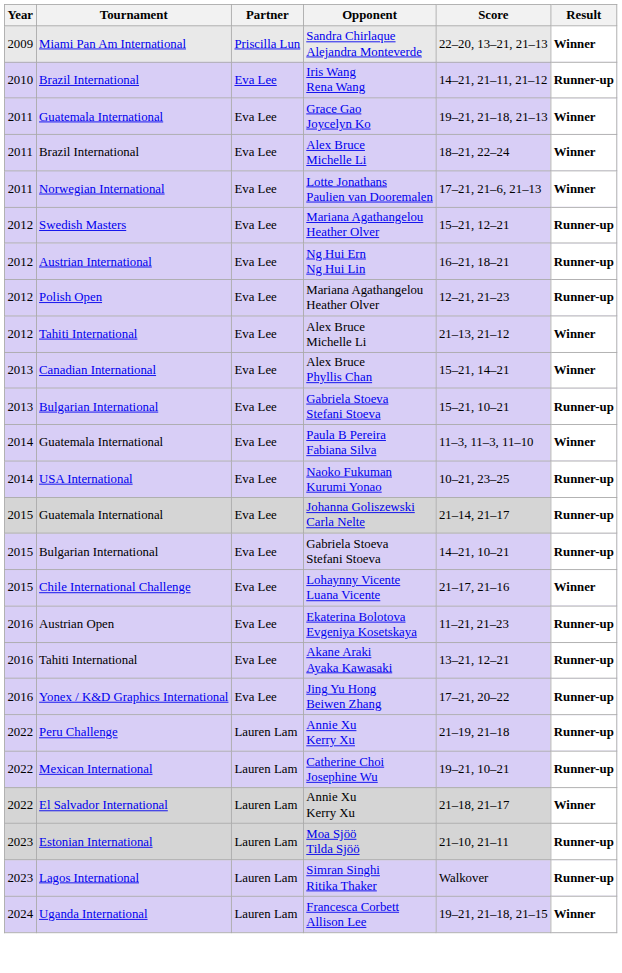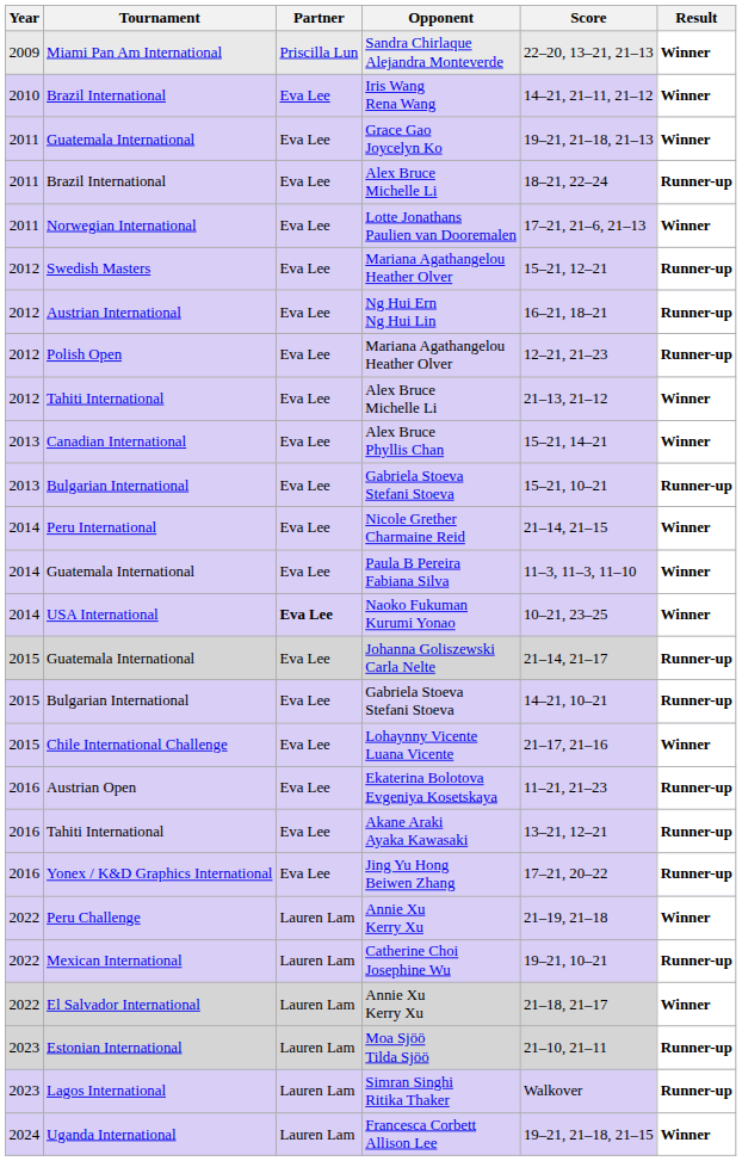 <table class="sortable wikitable" style="font-size: 90%;">
 <tr>
 <th>Year</th>
 <th>Tournament</th>
 <th>Partner</th>
 <th>Opponent</th>
 <th>Score</th>
 <th>Result</th>
 </tr>
 <tr style="background:#E9E9E9">
 <td align="center">2009</td>
 <td align="left"><a href='#'>Miami Pan Am International</a></td>
 <td align="left"> <a href='#'>Priscilla Lun</a></td>
 <td align="left"> <a href='#'>Sandra Chirlaque</a><br> <a href='#'>Alejandra Monteverde</a></td>
 <td align="left">22–20, 13–21, 21–13</td>
 <td style="text-align:left; background:white"> <strong>Winner</strong></td>
 </tr>
 <tr style="background:#D8CEF6">
 <td align="center">2010</td>
 <td align="left"><a href='#'>Brazil International</a></td>
 <td align="left"> <a href='#'>Eva Lee</a></td>
 <td align="left"> <a href='#'>Iris Wang</a><br> <a href='#'>Rena Wang</a></td>
 <td align="left">14–21, 21–11, 21–12</td>
-<td style="text-align:left; background:white"> <strong>Runner-up</strong></td>
+<td style="text-align:left; background:white"> <strong>Winner</strong></td>
 </tr>
 <tr style="background:#D8CEF6">
 <td align="center">2011</td>
 <td align="left"><a href='#'>Guatemala International</a></td>
 <td align="left"> Eva Lee</td>
 <td align="left"> <a href='#'>Grace Gao</a><br> <a href='#'>Joycelyn Ko</a></td>
 <td align="left">19–21, 21–18, 21–13</td>
 <td style="text-align:left; background:white"> <strong>Winner</strong></td>
 </tr>
 <tr style="background:#D8CEF6">
 <td align="center">2011</td>
 <td align="left">Brazil International</td>
 <td align="left"> Eva Lee</td>
 <td align="left"> <a href='#'>Alex Bruce</a><br> <a href='#'>Michelle Li</a></td>
 <td align="left">18–21, 22–24</td>
-<td style="text-align:left; background:white"> <strong>Winner</strong></td>
+<td style="text-align:left; background:white"> <strong>Runner-up</strong></td>
 </tr>
 <tr style="background:#D8CEF6">
 <td align="center">2011</td>
 <td align="left"><a href='#'>Norwegian International</a></td>
 <td align="left"> Eva Lee</td>
 <td align="left"> <a href='#'>Lotte Jonathans</a><br> <a href='#'>Paulien van Dooremalen</a></td>
 <td align="left">17–21, 21–6, 21–13</td>
 <td style="text-align:left; background:white"> <strong>Winner</strong></td>
 </tr>
 <tr style="background:#D8CEF6">
 <td align="center">2012</td>
 <td align="left"><a href='#'>Swedish Masters</a></td>
 <td align="left"> Eva Lee</td>
 <td align="left"> <a href='#'>Mariana Agathangelou</a><br> <a href='#'>Heather Olver</a></td>
 <td align="left">15–21, 12–21</td>
 <td style="text-align:left; background:white"> <strong>Runner-up</strong></td>
 </tr>
 <tr style="background:#D8CEF6">
 <td align="center">2012</td>
 <td align="left"><a href='#'>Austrian International</a></td>
 <td align="left"> Eva Lee</td>
 <td align="left"> <a href='#'>Ng Hui Ern</a><br> <a href='#'>Ng Hui Lin</a></td>
 <td align="left">16–21, 18–21</td>
 <td style="text-align:left; background:white"> <strong>Runner-up</strong></td>
 </tr>
 <tr style="background:#D8CEF6">
 <td align="center">2012</td>
 <td align="left"><a href='#'>Polish Open</a></td>
 <td align="left"> Eva Lee</td>
 <td align="left"> Mariana Agathangelou<br> Heather Olver</td>
 <td align="left">12–21, 21–23</td>
 <td style="text-align:left; background:white"> <strong>Runner-up</strong></td>
 </tr>
 <tr style="background:#D8CEF6">
 <td align="center">2012</td>
 <td align="left"><a href='#'>Tahiti International</a></td>
 <td align="left"> Eva Lee</td>
 <td align="left"> Alex Bruce<br> Michelle Li</td>
 <td align="left">21–13, 21–12</td>
 <td style="text-align:left; background:white"> <strong>Winner</strong></td>
 </tr>
 <tr style="background:#D8CEF6">
 <td align="center">2013</td>
 <td align="left"><a href='#'>Canadian International</a></td>
 <td align="left"> Eva Lee</td>
 <td align="left"> Alex Bruce<br> <a href='#'>Phyllis Chan</a></td>
 <td align="left">15–21, 14–21</td>
 <td style="text-align:left; background:white"> <strong>Winner</strong></td>
 </tr>
 <tr style="background:#D8CEF6">
 <td align="center">2013</td>
 <td align="left"><a href='#'>Bulgarian International</a></td>
 <td align="left"> Eva Lee</td>
 <td align="left"> <a href='#'>Gabriela Stoeva</a><br> <a href='#'>Stefani Stoeva</a></td>
 <td align="left">15–21, 10–21</td>
 <td style="text-align:left; background:white"> <strong>Runner-up</strong></td>
 </tr>
 <tr style="background:#D8CEF6">
 <td align="center">2014</td>
+<td align="left"><a href='#'>Peru International</a></td>
+<td align="left"> Eva Lee</td>
+<td align="left"> <a href='#'>Nicole Grether</a><br> <a href='#'>Charmaine Reid</a></td>
+<td align="left">21–14, 21–15</td>
+<td style="text-align:left; background:white"> <strong>Winner</strong></td>
+</tr>
+<tr style="background:#D8CEF6">
+<td align="center">2014</td>
 <td align="left">Guatemala International</td>
 <td align="left"> Eva Lee</td>
 <td align="left"> <a href='#'>Paula B Pereira</a><br> <a href='#'>Fabiana Silva</a></td>
 <td align="left">11–3, 11–3, 11–10</td>
 <td style="text-align:left; background:white"> <strong>Winner</strong></td>
 </tr>
 <tr style="background:#D8CEF6">
 <td align="center">2014</td>
 <td align="left"><a href='#'>USA International</a></td>
-<td align="left"> Eva Lee</td>
+<td align="left"><strong> Eva Lee</strong></td>
 <td align="left"> <a href='#'>Naoko Fukuman</a><br> <a href='#'>Kurumi Yonao</a></td>
 <td align="left">10–21, 23–25</td>
-<td style="text-align:left; background:white"> <strong>Runner-up</strong></td>
+<td style="text-align:left; background:white"> <strong>Winner</strong></td>
 </tr>
 <tr style="background:#D5D5D5">
 <td align="center">2015</td>
 <td align="left">Guatemala International</td>
 <td align="left"> Eva Lee</td>
 <td align="left"> <a href='#'>Johanna Goliszewski</a><br> <a href='#'>Carla Nelte</a></td>
 <td align="left">21–14, 21–17</td>
 <td style="text-align:left; background:white"> <strong>Runner-up</strong></td>
 </tr>
 <tr style="background:#D8CEF6">
 <td align="center">2015</td>
 <td align="left">Bulgarian International</td>
 <td align="left"> Eva Lee</td>
 <td align="left"> Gabriela Stoeva<br> Stefani Stoeva</td>
 <td align="left">14–21, 10–21</td>
 <td style="text-align:left; background:white"> <strong>Runner-up</strong></td>
 </tr>
 <tr style="background:#D8CEF6">
 <td align="center">2015</td>
 <td align="left"><a href='#'>Chile International Challenge</a></td>
 <td align="left"> Eva Lee</td>
 <td align="left"> <a href='#'>Lohaynny Vicente</a><br> <a href='#'>Luana Vicente</a></td>
 <td align="left">21–17, 21–16</td>
 <td style="text-align:left; background:white"> <strong>Winner</strong></td>
 </tr>
 <tr style="background:#D8CEF6">
 <td align="center">2016</td>
 <td align="left">Austrian Open</td>
 <td align="left"> Eva Lee</td>
 <td align="left"> <a href='#'>Ekaterina Bolotova</a><br> <a href='#'>Evgeniya Kosetskaya</a></td>
 <td align="left">11–21, 21–23</td>
 <td style="text-align:left; background:white"> <strong>Runner-up</strong></td>
 </tr>
 <tr style="background:#D8CEF6">
 <td align="center">2016</td>
 <td align="left">Tahiti International</td>
 <td align="left"> Eva Lee</td>
 <td align="left"> <a href='#'>Akane Araki</a><br> <a href='#'>Ayaka Kawasaki</a></td>
 <td align="left">13–21, 12–21</td>
 <td style="text-align:left; background:white"> <strong>Runner-up</strong></td>
 </tr>
 <tr style="background:#D8CEF6">
 <td align="center">2016</td>
 <td align="left"><a href='#'>Yonex / K&D Graphics International</a></td>
 <td align="left"> Eva Lee</td>
 <td align="left"> <a href='#'>Jing Yu Hong</a><br> <a href='#'>Beiwen Zhang</a></td>
 <td align="left">17–21, 20–22</td>
 <td style="text-align:left; background:white"> <strong>Runner-up</strong></td>
 </tr>
 <tr style="background:#D8CEF6">
 <td align="center">2022</td>
 <td align="left"><a href='#'>Peru Challenge</a></td>
 <td align="left"> Lauren Lam</td>
 <td align="left"> <a href='#'>Annie Xu</a><br> <a href='#'>Kerry Xu</a></td>
 <td align="left">21–19, 21–18</td>
-<td style="text-align:left; background:white"> <strong>Runner-up</strong></td>
+<td style="text-align:left; background:white"> <strong>Winner</strong></td>
 </tr>
 <tr style="background:#D8CEF6">
 <td align="center">2022</td>
 <td align="left"><a href='#'>Mexican International</a></td>
 <td align="left"> Lauren Lam</td>
 <td align="left"> <a href='#'>Catherine Choi</a><br> <a href='#'>Josephine Wu</a></td>
 <td align="left">19–21, 10–21</td>
 <td style="text-align:left; background:white"> <strong>Runner-up</strong></td>
 </tr>
 <tr style="background:#D5D5D5">
 <td align="center">2022</td>
 <td align="left"><a href='#'>El Salvador International</a></td>
 <td align="left"> Lauren Lam</td>
 <td align="left"> Annie Xu<br> Kerry Xu</td>
 <td align="left">21–18, 21–17</td>
 <td style="text-align:left; background:white"> <strong>Winner</strong></td>
 </tr>
 <tr style="background:#D5D5D5">
 <td align="center">2023</td>
 <td align="left"><a href='#'>Estonian International</a></td>
 <td align="left"> Lauren Lam</td>
 <td align="left"> <a href='#'>Moa Sjöö</a><br> <a href='#'>Tilda Sjöö</a></td>
 <td align="left">21–10, 21–11</td>
 <td style="text-align:left; background:white"> <strong>Runner-up</strong></td>
 </tr>
 <tr style="background:#D8CEF6">
 <td align="center">2023</td>
 <td align="left"><a href='#'>Lagos International</a></td>
 <td align="left"> Lauren Lam</td>
 <td align="left"> <a href='#'>Simran Singhi</a><br> <a href='#'>Ritika Thaker</a></td>
 <td align="left">Walkover</td>
 <td style="text-align:left; background:white"> <strong>Runner-up</strong></td>
 </tr>
 <tr style="background:#D8CEF6">
 <td align="center">2024</td>
 <td align="left"><a href='#'>Uganda International</a></td>
 <td align="left"> Lauren Lam</td>
 <td align="left"> <a href='#'>Francesca Corbett</a><br> <a href='#'>Allison Lee</a></td>
 <td align="left">19–21, 21–18, 21–15</td>
 <td style="text-align:left; background:white"> <strong>Winner</strong></td>
 </tr>
 </table>
